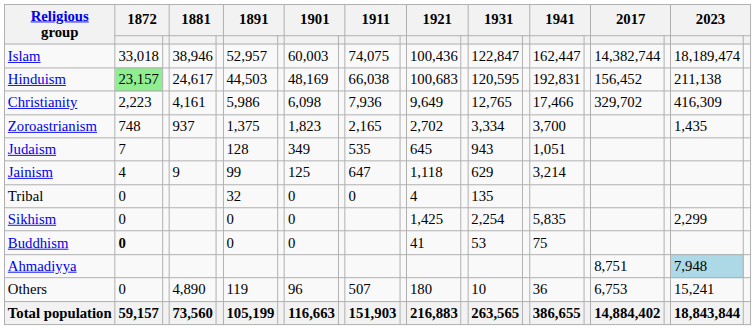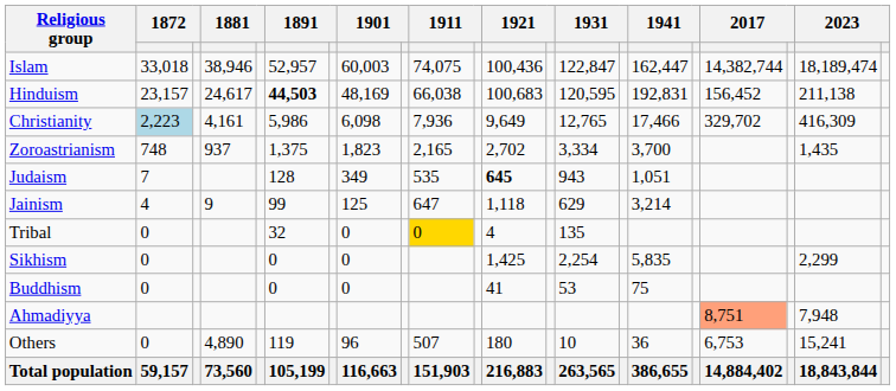 <table class="wikitable sortable">
 <tr>
 <th rowspan="2"><a href='#'>Religious</a><br>group</th>
 <th colspan="2">1872</th>
 <th colspan="2">1881</th>
 <th colspan="2">1891</th>
 <th colspan="2">1901</th>
 <th colspan="2">1911</th>
 <th colspan="2">1921</th>
 <th colspan="2">1931</th>
 <th colspan="2">1941</th>
 <th colspan="2">2017</th>
 <th colspan="2">2023</th>
 </tr>
 <tr>
 <th><a href='#'></a></th>
 <th></th>
 <th></th>
 <th></th>
 <th></th>
 <th></th>
 <th></th>
 <th></th>
 <th></th>
 <th></th>
 <th></th>
 <th></th>
 <th></th>
 <th></th>
 <th></th>
 <th></th>
 <th></th>
 <th></th>
 <th></th>
 <th></th>
 </tr>
 <tr>
 <td><a href='#'>Islam</a> </td>
 <td>33,018</td>
 <td></td>
 <td>38,946</td>
 <td></td>
 <td>52,957</td>
 <td></td>
 <td>60,003</td>
 <td></td>
 <td>74,075</td>
 <td></td>
 <td>100,436</td>
 <td></td>
 <td>122,847</td>
 <td></td>
 <td>162,447</td>
 <td></td>
 <td>14,382,744</td>
 <td></td>
 <td>18,189,474</td>
 <td></td>
 </tr>
 <tr>
 <td><a href='#'>Hinduism</a> </td>
-<td style="background: lightgreen;">23,157</td>
+<td>23,157</td>
 <td></td>
 <td>24,617</td>
 <td></td>
-<td>44,503</td>
+<td><strong>44,503</strong></td>
 <td></td>
 <td>48,169</td>
 <td></td>
 <td>66,038</td>
 <td></td>
 <td>100,683</td>
 <td></td>
 <td>120,595</td>
 <td></td>
 <td>192,831</td>
 <td></td>
 <td>156,452</td>
 <td></td>
 <td>211,138</td>
 <td></td>
 </tr>
 <tr>
 <td><a href='#'>Christianity</a> </td>
-<td>2,223</td>
+<td style="background: lightblue;">2,223</td>
 <td></td>
 <td>4,161</td>
 <td></td>
 <td>5,986</td>
 <td></td>
 <td>6,098</td>
 <td></td>
 <td>7,936</td>
 <td></td>
 <td>9,649</td>
 <td></td>
 <td>12,765</td>
 <td></td>
 <td>17,466</td>
 <td></td>
 <td>329,702</td>
 <td></td>
 <td>416,309</td>
 <td></td>
 </tr>
 <tr>
 <td><a href='#'>Zoroastrianism</a> </td>
 <td>748</td>
 <td></td>
 <td>937</td>
 <td></td>
 <td>1,375</td>
 <td></td>
 <td>1,823</td>
 <td></td>
 <td>2,165</td>
 <td></td>
 <td>2,702</td>
 <td></td>
 <td>3,334</td>
 <td></td>
 <td>3,700</td>
 <td></td>
 <td></td>
 <td></td>
 <td>1,435</td>
 <td></td>
 </tr>
 <tr>
 <td><a href='#'>Judaism</a> </td>
 <td>7</td>
 <td></td>
 <td></td>
 <td></td>
 <td>128</td>
 <td></td>
 <td>349</td>
 <td></td>
 <td>535</td>
 <td></td>
-<td>645</td>
+<td><strong>645</strong></td>
 <td></td>
 <td>943</td>
 <td></td>
 <td>1,051</td>
 <td></td>
 <td></td>
 <td></td>
 <td></td>
 <td></td>
 </tr>
 <tr>
 <td><a href='#'>Jainism</a> </td>
 <td>4</td>
 <td></td>
 <td>9</td>
 <td></td>
 <td>99</td>
 <td></td>
 <td>125</td>
 <td></td>
 <td>647</td>
 <td></td>
 <td>1,118</td>
 <td></td>
 <td>629</td>
 <td></td>
 <td>3,214</td>
 <td></td>
 <td></td>
 <td></td>
 <td></td>
 <td></td>
 </tr>
 <tr>
 <td>Tribal</td>
 <td>0</td>
 <td></td>
 <td></td>
 <td></td>
 <td>32</td>
 <td></td>
 <td>0</td>
 <td></td>
-<td>0</td>
+<td style="background: gold;">0</td>
 <td></td>
 <td>4</td>
 <td></td>
 <td>135</td>
 <td></td>
 <td></td>
 <td></td>
 <td></td>
 <td></td>
 <td></td>
 <td></td>
 </tr>
 <tr>
 <td><a href='#'>Sikhism</a> </td>
 <td>0</td>
 <td></td>
 <td></td>
 <td></td>
 <td>0</td>
 <td></td>
 <td>0</td>
 <td></td>
 <td></td>
 <td></td>
 <td>1,425</td>
 <td></td>
 <td>2,254</td>
 <td></td>
 <td>5,835</td>
 <td></td>
 <td></td>
 <td></td>
 <td>2,299</td>
 <td></td>
 </tr>
 <tr>
 <td><a href='#'>Buddhism</a> </td>
-<td><strong>0</strong></td>
+<td>0</td>
 <td></td>
 <td></td>
 <td></td>
 <td>0</td>
 <td></td>
 <td>0</td>
 <td></td>
 <td></td>
 <td></td>
 <td>41</td>
 <td></td>
 <td>53</td>
 <td></td>
 <td>75</td>
 <td></td>
 <td></td>
 <td></td>
 <td></td>
 <td></td>
 </tr>
 <tr>
 <td><a href='#'>Ahmadiyya</a> </td>
 <td></td>
 <td></td>
 <td></td>
 <td></td>
 <td></td>
 <td></td>
 <td></td>
 <td></td>
 <td></td>
 <td></td>
 <td></td>
 <td></td>
 <td></td>
 <td></td>
 <td></td>
 <td></td>
-<td>8,751</td>
+<td style="background: lightsalmon;">8,751</td>
 <td></td>
-<td style="background: lightblue;">7,948</td>
+<td>7,948</td>
 <td></td>
 </tr>
 <tr>
 <td>Others</td>
 <td>0</td>
 <td></td>
 <td>4,890</td>
 <td></td>
 <td>119</td>
 <td></td>
 <td>96</td>
 <td></td>
 <td>507</td>
 <td></td>
 <td>180</td>
 <td></td>
 <td>10</td>
 <td></td>
 <td>36</td>
 <td></td>
 <td>6,753</td>
 <td></td>
 <td>15,241</td>
 <td></td>
 </tr>
 <tr>
 <th>Total population</th>
 <th>59,157</th>
 <th></th>
 <th>73,560</th>
 <th></th>
 <th>105,199</th>
 <th></th>
 <th>116,663</th>
 <th></th>
 <th>151,903</th>
 <th></th>
 <th>216,883</th>
 <th></th>
 <th>263,565</th>
 <th></th>
 <th>386,655</th>
 <th></th>
 <th>14,884,402</th>
 <th></th>
 <th>18,843,844</th>
 <th></th>
 </tr>
 </table>
